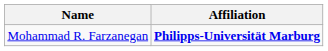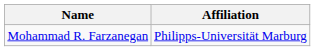 <table class="wikitable">
 <tr>
 <th>Name</th>
 <th>Affiliation</th>
 </tr>
 <tr>
 <td><a href='#'>Mohammad R. Farzanegan</a></td>
-<td><strong><a href='#'>Philipps-Universität Marburg</a></strong></td>
+<td><a href='#'>Philipps-Universität Marburg</a></td>
 </tr>
 </table>
